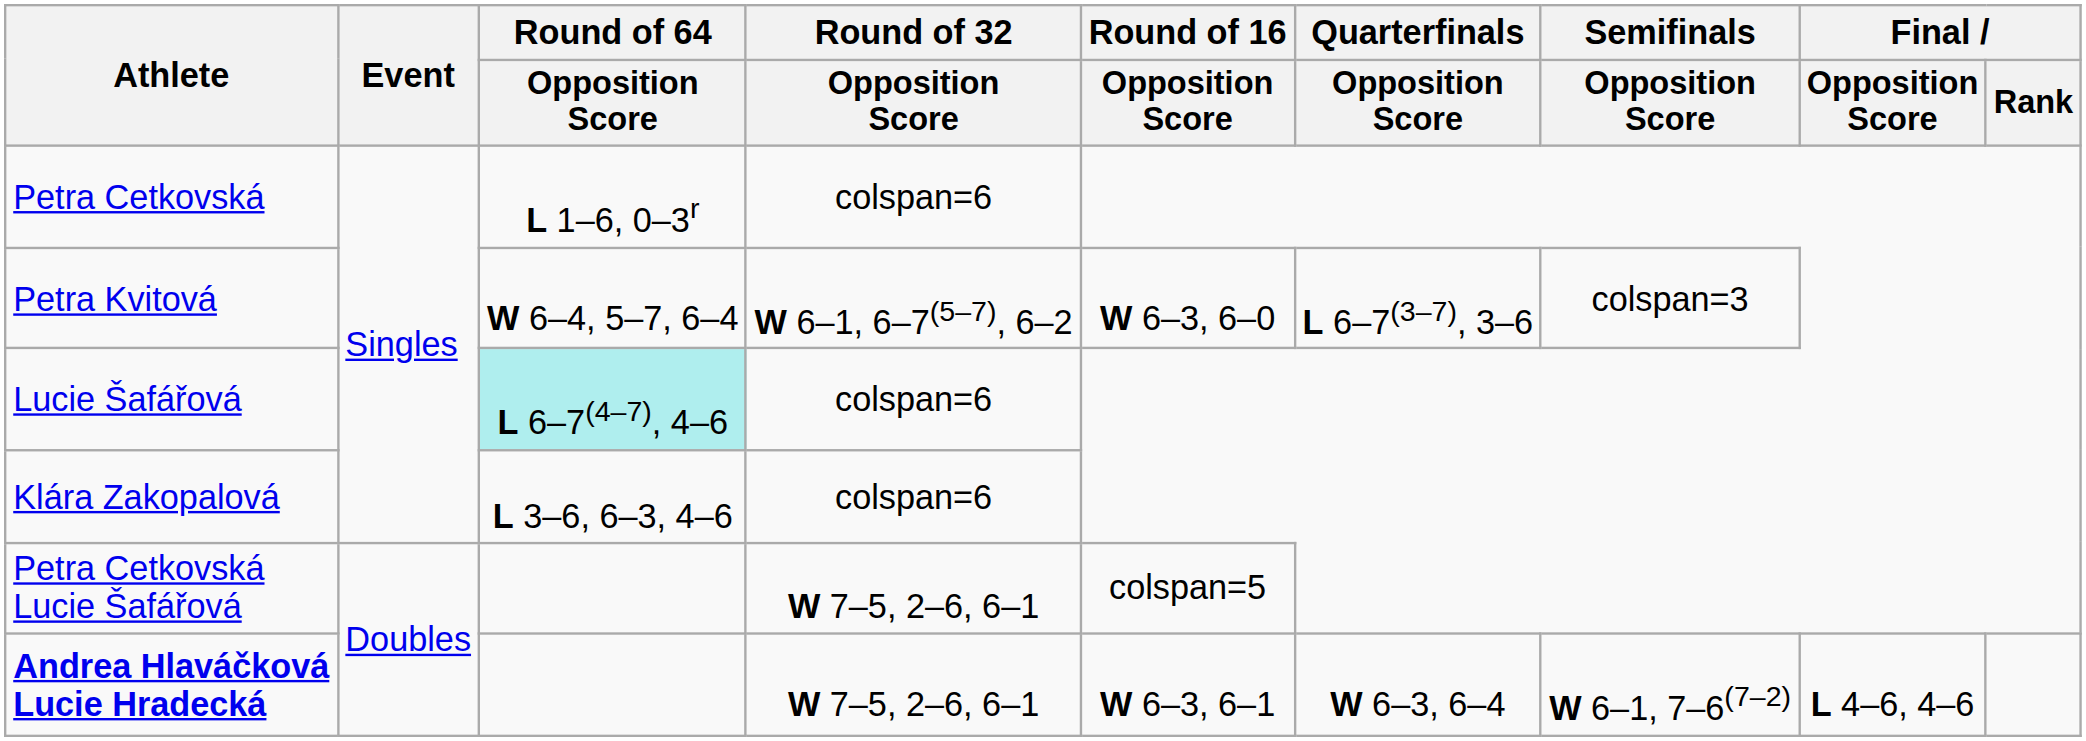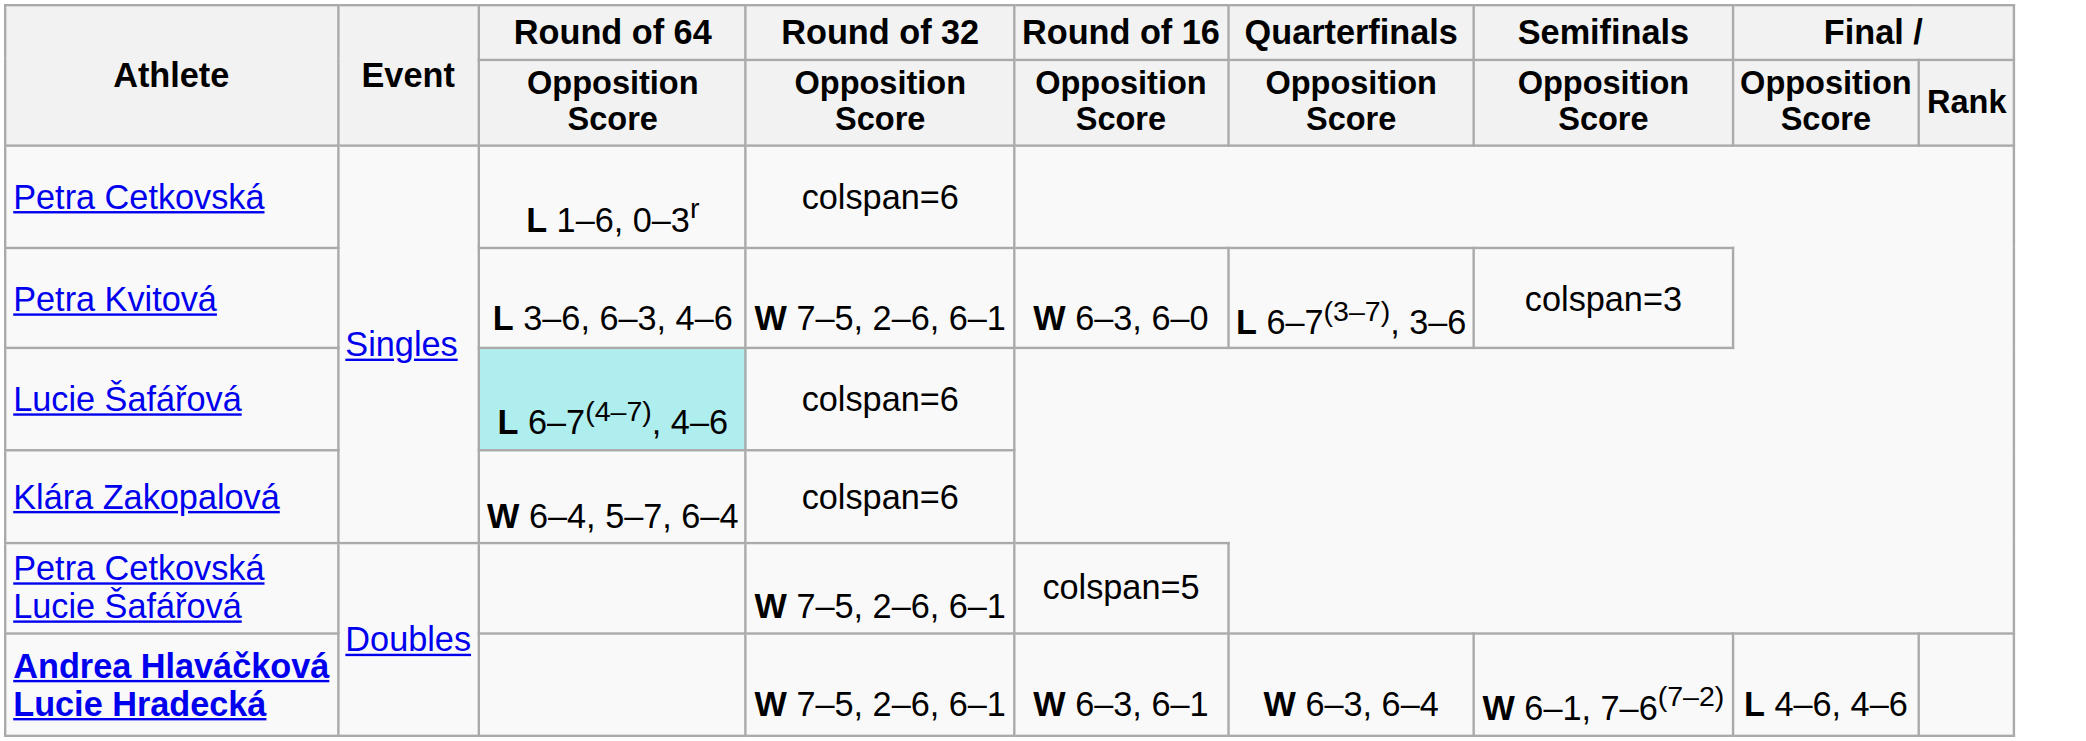 <table class=wikitable style="font-size:90%">
 <tr>
 <th rowspan="2">Athlete</th>
 <th rowspan="2">Event</th>
 <th>Round of 64</th>
 <th>Round of 32</th>
 <th>Round of 16</th>
 <th>Quarterfinals</th>
 <th>Semifinals</th>
 <th colspan=2>Final / </th>
 </tr>
 <tr style="font-size:95%">
 <th>Opposition<br>Score</th>
 <th>Opposition<br>Score</th>
 <th>Opposition<br>Score</th>
 <th>Opposition<br>Score</th>
 <th>Opposition<br>Score</th>
 <th>Opposition<br>Score</th>
 <th>Rank</th>
 </tr>
 <tr align=center>
 <td align=left><a href='#'>Petra Cetkovská</a></td>
 <td align=left rowspan=4><a href='#'>Singles</a></td>
 <td> <br><strong>L</strong> 1–6, 0–3<sup>r</sup></td>
 <td>colspan=6 </td>
 </tr>
 <tr align=center>
 <td align=left><a href='#'>Petra Kvitová</a></td>
-<td> <br><strong>W</strong> 6–4, 5–7, 6–4</td>
-<td> <br><strong>W</strong> 6–1, 6–7<sup>(5–7)</sup>, 6–2</td>
+<td> <br><strong>L</strong> 3–6, 6–3, 4–6</td>
+<td> <br><strong>W</strong> 7–5, 2–6, 6–1</td>
 <td> <br><strong>W</strong> 6–3, 6–0</td>
 <td> <br><strong>L</strong> 6–7<sup>(3–7)</sup>, 3–6</td>
 <td>colspan=3 </td>
 </tr>
 <tr align=center>
 <td align=left><a href='#'>Lucie Šafářová</a></td>
 <td style="background: paleturquoise;"> <br><strong>L</strong> 6–7<sup>(4–7)</sup>, 4–6</td>
 <td>colspan=6 </td>
 </tr>
 <tr align=center>
 <td align=left><a href='#'>Klára Zakopalová</a></td>
-<td> <br><strong>L</strong> 3–6, 6–3, 4–6</td>
+<td> <br><strong>W</strong> 6–4, 5–7, 6–4</td>
 <td>colspan=6 </td>
 </tr>
 <tr align=center>
 <td align=left><a href='#'>Petra Cetkovská</a><br><a href='#'>Lucie Šafářová</a></td>
 <td align=left rowspan=2><a href='#'>Doubles</a></td>
 <td></td>
 <td> <br><strong>W</strong> 7–5, 2–6, 6–1</td>
 <td>colspan=5 </td>
 </tr>
 <tr align=center>
 <td align=left><strong><a href='#'>Andrea Hlaváčková</a><br><a href='#'>Lucie Hradecká</a></strong></td>
 <td></td>
 <td> <br><strong>W</strong> 7–5, 2–6, 6–1</td>
 <td> <br><strong>W</strong> 6–3, 6–1</td>
 <td><br><strong>W</strong> 6–3, 6–4</td>
 <td><br><strong>W</strong> 6–1, 7–6<sup>(7–2)</sup></td>
 <td><br><strong>L</strong> 4–6, 4–6</td>
 <td></td>
 </tr>
 </table>
